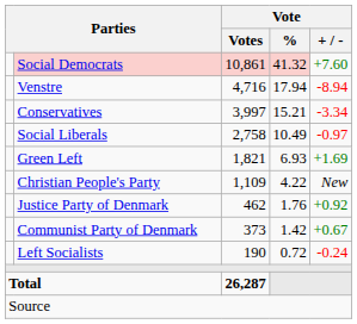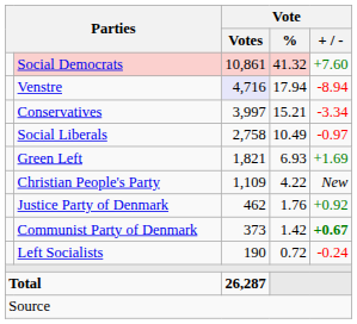 <table class="wikitable" style="text-align:right;">
 <tr>
 <th style="text-align:centre;" rowspan="2" colspan="2" width="225">Parties</th>
 <th colspan="3">Vote</th>
 </tr>
 <tr>
 <th width="15">Votes</th>
 <th width="15">%</th>
 <th width="15">+ / -</th>
 </tr>
 <tr>
 <td width="2" style="color:inherit;background:"></td>
 <td bgcolor=#fbd0ce  align="left"><a href='#'>Social Democrats</a></td>
 <td bgcolor=#fbd0ce>10,861</td>
 <td bgcolor=#fbd0ce>41.32</td>
 <td style=color:green;>+7.60</td>
 </tr>
 <tr>
 <td width="2" style="color:inherit;background:"></td>
 <td align="left"><a href='#'>Venstre</a></td>
-<td>4,716</td>
+<td style="background: lavender;">4,716</td>
 <td>17.94</td>
 <td style=color:red;>-8.94</td>
 </tr>
 <tr>
 <td width="2" style="color:inherit;background:"></td>
 <td align="left"><a href='#'>Conservatives</a></td>
 <td>3,997</td>
 <td>15.21</td>
 <td style=color:red;>-3.34</td>
 </tr>
 <tr>
 <td width="2" style="color:inherit;background:"></td>
 <td align="left"><a href='#'>Social Liberals</a></td>
 <td>2,758</td>
 <td>10.49</td>
 <td style=color:red;>-0.97</td>
 </tr>
 <tr>
 <td width="2" style="color:inherit;background:"></td>
 <td align="left"><a href='#'>Green Left</a></td>
 <td>1,821</td>
 <td>6.93</td>
 <td style=color:green;>+1.69</td>
 </tr>
 <tr>
 <td width="2" style="color:inherit;background:"></td>
 <td align="left"><a href='#'>Christian People's Party</a></td>
 <td>1,109</td>
 <td>4.22</td>
 <td><em>New</em></td>
 </tr>
 <tr>
 <td width="2" style="color:inherit;background:"></td>
 <td align="left"><a href='#'>Justice Party of Denmark</a></td>
 <td>462</td>
 <td>1.76</td>
 <td style=color:green;>+0.92</td>
 </tr>
 <tr>
 <td width="2" style="color:inherit;background:"></td>
 <td align="left"><a href='#'>Communist Party of Denmark</a></td>
 <td>373</td>
 <td>1.42</td>
-<td style=color:green;>+0.67</td>
+<td style=color:green;><strong>+0.67</strong></td>
 </tr>
 <tr>
 <td width="2" style="color:inherit;background:"></td>
 <td align="left"><a href='#'>Left Socialists</a></td>
 <td>190</td>
 <td>0.72</td>
 <td style=color:red;>-0.24</td>
 </tr>
 <tr>
 <td colspan="7" bgcolor="#E9E9E9"></td>
 </tr>
 <tr>
 <td align="left" colspan="2"><strong>Total</strong></td>
 <td><strong>26,287</strong></td>
 <td bgcolor="#E9E9E9" colspan="2"></td>
 </tr>
 <tr>
 <td align="left" colspan="6">Source</td>
 </tr>
 </table>
